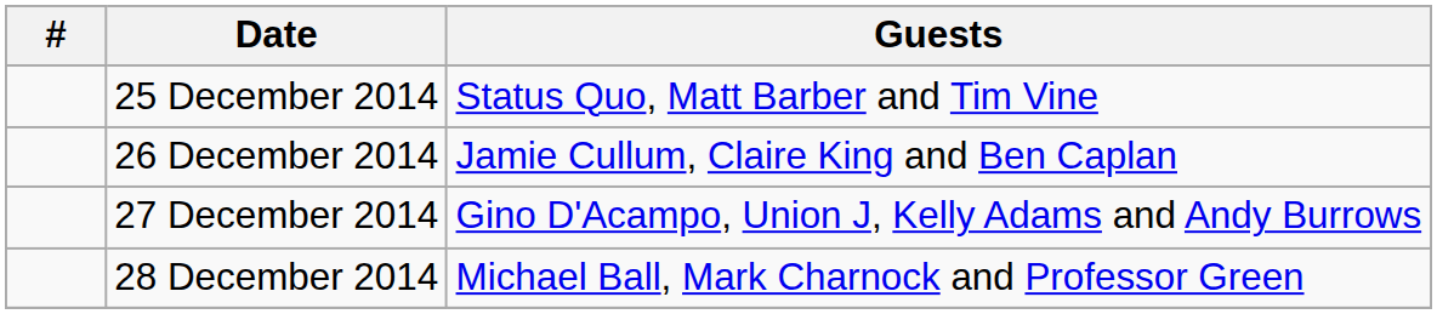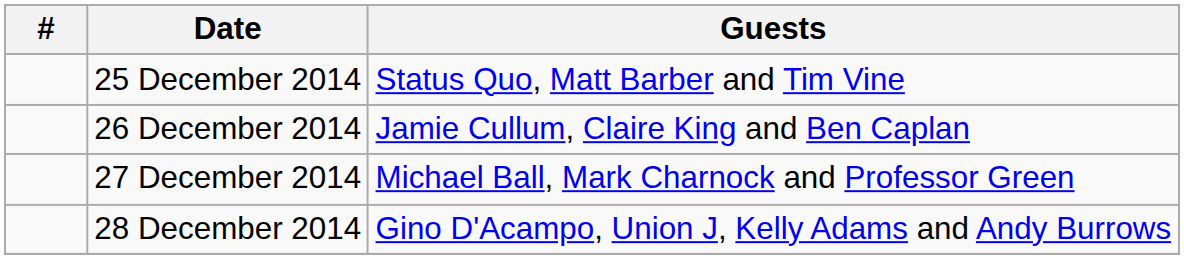 <table class="wikitable">
 <tr>
 <th style="width:7%;">#</th>
 <th>Date</th>
 <th>Guests</th>
 </tr>
 <tr>
 <td></td>
 <td>25 December 2014</td>
 <td><a href='#'>Status Quo</a>, <a href='#'>Matt Barber</a> and <a href='#'>Tim Vine</a></td>
 </tr>
 <tr>
 <td></td>
 <td>26 December 2014</td>
 <td><a href='#'>Jamie Cullum</a>, <a href='#'>Claire King</a> and <a href='#'>Ben Caplan</a></td>
 </tr>
 <tr>
 <td></td>
 <td>27 December 2014</td>
-<td><a href='#'>Gino D'Acampo</a>, <a href='#'>Union J</a>, <a href='#'>Kelly Adams</a> and <a href='#'>Andy Burrows</a></td>
+<td><a href='#'>Michael Ball</a>, <a href='#'>Mark Charnock</a> and <a href='#'>Professor Green</a></td>
 </tr>
 <tr>
 <td></td>
 <td>28 December 2014</td>
-<td><a href='#'>Michael Ball</a>, <a href='#'>Mark Charnock</a> and <a href='#'>Professor Green</a></td>
+<td><a href='#'>Gino D'Acampo</a>, <a href='#'>Union J</a>, <a href='#'>Kelly Adams</a> and <a href='#'>Andy Burrows</a></td>
 </tr>
 <tr>
 </tr>
 </table>
